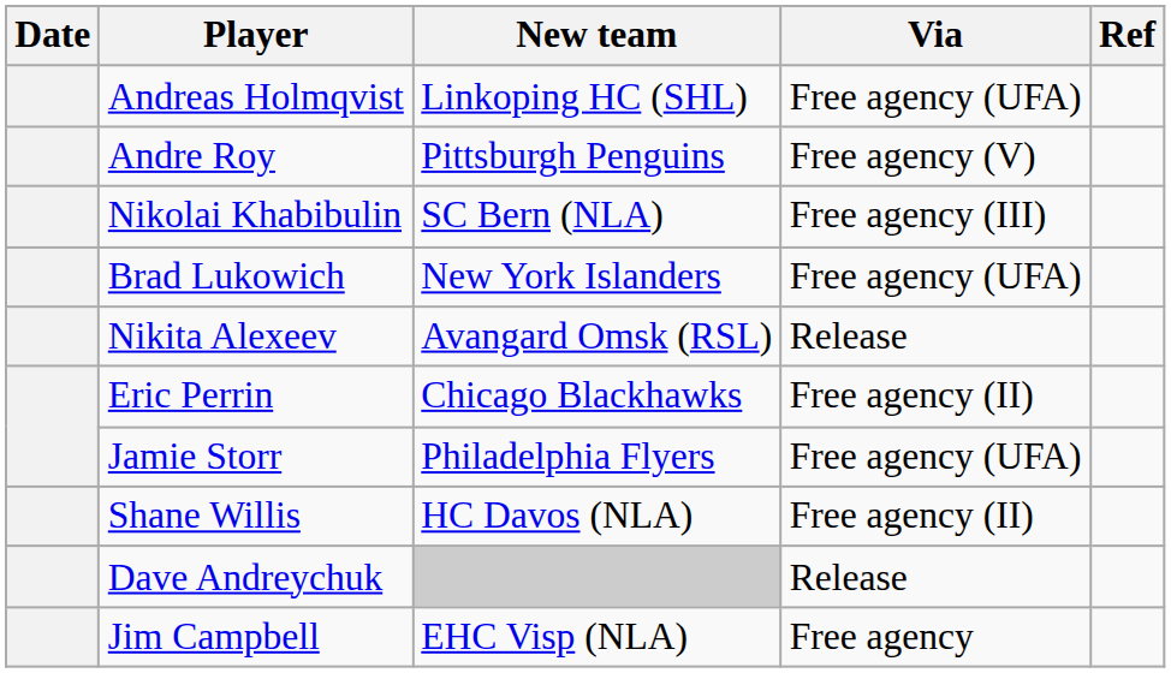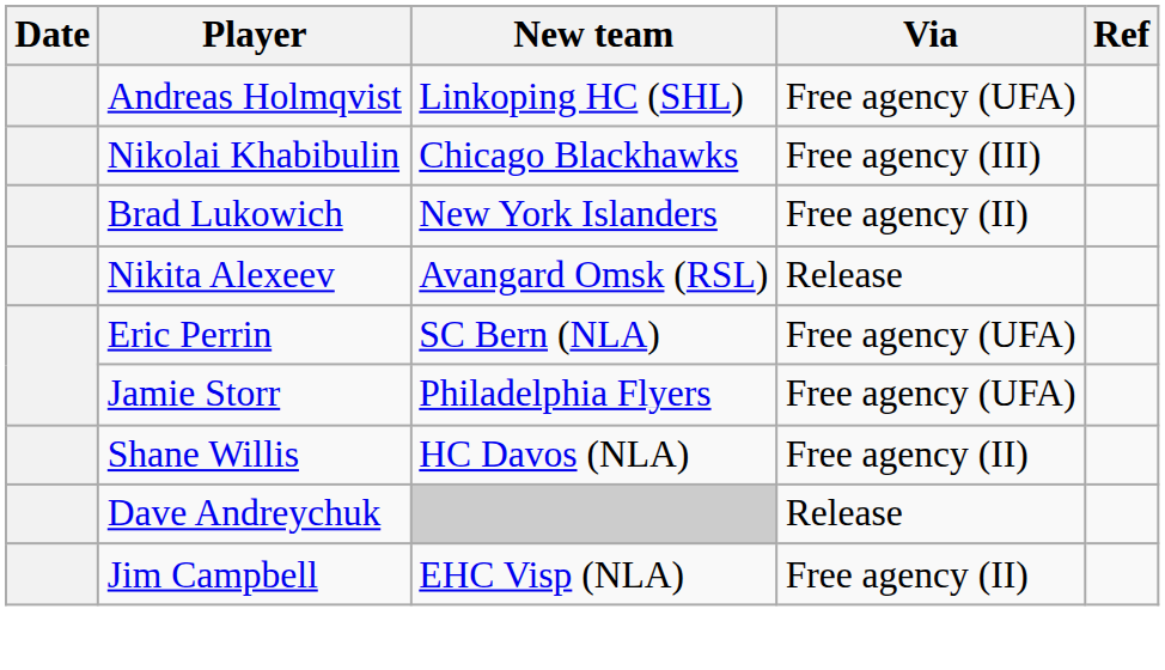 <table class="wikitable plainrowheaders">
 <tr style="background:#ddd; text-align:center;">
 <th>Date</th>
 <th>Player</th>
 <th>New team</th>
 <th>Via</th>
 <th>Ref</th>
 </tr>
 <tr>
 <th scope="row"></th>
 <td><a href='#'>Andreas Holmqvist</a></td>
 <td><a href='#'>Linkoping HC</a> (<a href='#'>SHL</a>)</td>
 <td>Free agency (UFA)</td>
 <td></td>
 </tr>
 <tr>
 <th scope="row"></th>
-<td><a href='#'>Andre Roy</a></td>
-<td><a href='#'>Pittsburgh Penguins</a></td>
-<td>Free agency (V)</td>
-<td></td>
-</tr>
-<tr>
-<th scope="row"></th>
 <td><a href='#'>Nikolai Khabibulin</a></td>
-<td><a href='#'>SC Bern</a> (<a href='#'>NLA</a>)</td>
+<td><a href='#'>Chicago Blackhawks</a></td>
 <td>Free agency (III)</td>
 <td></td>
 </tr>
 <tr>
 <th scope="row"></th>
 <td><a href='#'>Brad Lukowich</a></td>
 <td><a href='#'>New York Islanders</a></td>
-<td>Free agency (UFA)</td>
+<td>Free agency (II)</td>
 <td></td>
 </tr>
 <tr>
 <th scope="row"></th>
 <td><a href='#'>Nikita Alexeev</a></td>
 <td><a href='#'>Avangard Omsk</a> (<a href='#'>RSL</a>)</td>
 <td>Release</td>
 <td></td>
 </tr>
 <tr>
 <th scope="row" rowspan=2></th>
 <td><a href='#'>Eric Perrin</a></td>
-<td><a href='#'>Chicago Blackhawks</a></td>
-<td>Free agency (II)</td>
+<td><a href='#'>SC Bern</a> (<a href='#'>NLA</a>)</td>
+<td>Free agency (UFA)</td>
 <td></td>
 </tr>
 <tr>
 <td><a href='#'>Jamie Storr</a></td>
 <td><a href='#'>Philadelphia Flyers</a></td>
 <td>Free agency (UFA)</td>
 <td></td>
 </tr>
 <tr>
 <th scope="row"></th>
 <td><a href='#'>Shane Willis</a></td>
 <td><a href='#'>HC Davos</a> (NLA)</td>
 <td>Free agency (II)</td>
 <td></td>
 </tr>
 <tr>
 <th scope="row"></th>
 <td><a href='#'>Dave Andreychuk</a></td>
 <td style="background:#ccc"></td>
 <td>Release</td>
 <td></td>
 </tr>
 <tr>
 <th scope="row"></th>
 <td><a href='#'>Jim Campbell</a></td>
 <td><a href='#'>EHC Visp</a> (NLA)</td>
-<td>Free agency</td>
+<td>Free agency (II)</td>
 <td></td>
 </tr>
 </table>
